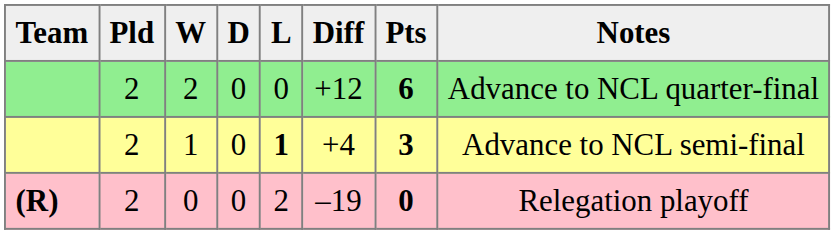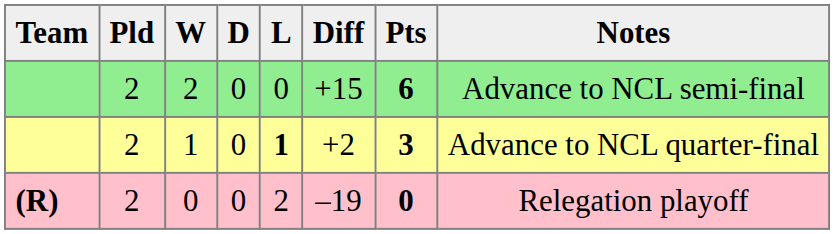 <table style=border-collapse:collapse border=1 cellspacing=0 cellpadding=5>
 <tr align=center bgcolor=#efefef>
 <th>Team</th>
 <th>Pld</th>
 <th>W</th>
 <th>D</th>
 <th>L</th>
 <th>Diff</th>
 <th>Pts</th>
 <th>Notes</th>
 </tr>
 <tr align=center style="background:#90EE90">
 <td style="text-align:left;"> </td>
 <td>2</td>
 <td>2</td>
 <td>0</td>
 <td>0</td>
-<td>+12</td>
+<td>+15</td>
 <td><strong>6</strong></td>
-<td rowspan=1>Advance to NCL quarter-final</td>
+<td rowspan=1>Advance to NCL semi-final</td>
 </tr>
 <tr align=center style="background:#FFFF99;">
 <td style="text-align:left;"> </td>
 <td>2</td>
 <td>1</td>
 <td>0</td>
 <td><strong>1</strong></td>
-<td>+4</td>
+<td>+2</td>
 <td><strong>3</strong></td>
-<td rowspan=1>Advance to NCL semi-final</td>
+<td rowspan=1>Advance to NCL quarter-final</td>
 </tr>
 <tr align=center style="background:#FFC0CB;">
 <td style="text-align:left;">  <strong>(R)</strong></td>
 <td>2</td>
 <td>0</td>
 <td>0</td>
 <td>2</td>
 <td>–19</td>
 <td><strong>0</strong></td>
 <td rowspan=1>Relegation playoff</td>
 </tr>
 </table>
